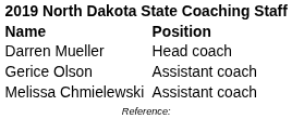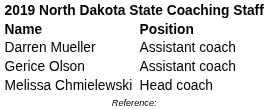 <table class="toccolours" style="text-align: left; font-size:90;">
 <tr>
 <th colspan="9">2019 North Dakota State Coaching Staff</th>
 </tr>
 <tr>
 <th>Name</th>
 <th>Position</th>
 </tr>
 <tr>
 <td>Darren Mueller</td>
-<td>Head coach</td>
+<td>Assistant coach</td>
 </tr>
 <tr>
 <td>Gerice Olson</td>
 <td>Assistant coach</td>
 </tr>
 <tr>
 <td>Melissa Chmielewski</td>
-<td>Assistant coach</td>
+<td>Head coach</td>
 <td width="25"> </td>
 </tr>
 <tr>
 <td colspan="4" style="font-size:8pt; text-align:center;"><em>Reference:</em></td>
 </tr>
 </table>
